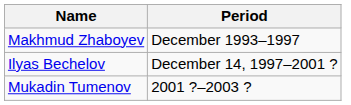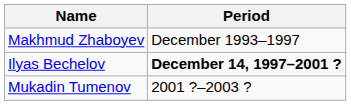 <table class="wikitable">
 <tr>
 <th>Name</th>
 <th>Period</th>
 </tr>
 <tr>
 <td><a href='#'>Makhmud Zhaboyev</a></td>
 <td>December 1993–1997</td>
 </tr>
 <tr>
 <td><a href='#'>Ilyas Bechelov</a></td>
-<td>December 14, 1997–2001 ?</td>
+<td><strong>December 14, 1997–2001 ?</strong></td>
 </tr>
 <tr>
 <td><a href='#'>Mukadin Tumenov</a></td>
 <td>2001 ?–2003 ?</td>
 </tr>
 </table>
